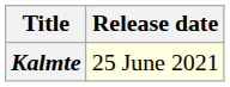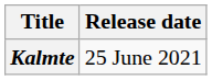 <table class="wikitable plainrowheaders">
 <tr>
 <th scope="col">Title</th>
 <th scope="col">Release date</th>
 </tr>
 <tr>
 <th scope="row"><em>Kalmte</em></th>
-<td style="background: lightyellow;">25 June 2021</td>
+<td>25 June 2021</td>
 </tr>
 </table>
